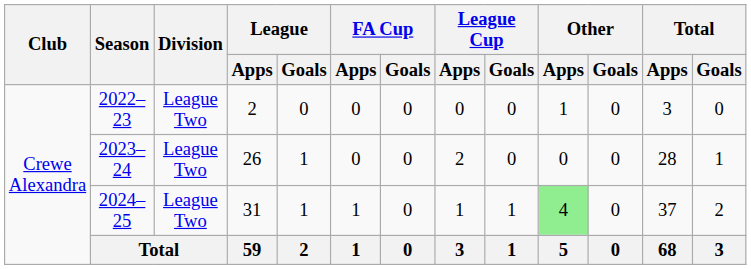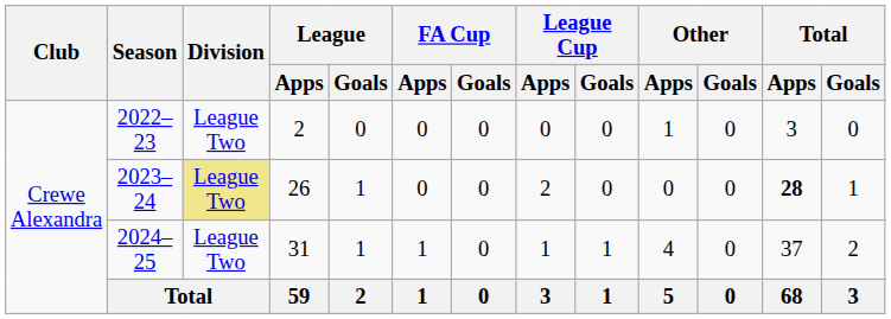 <table class="wikitable" style="text-align:center;">
 <tr>
 <th rowspan="2">Club</th>
 <th rowspan="2">Season</th>
 <th rowspan="2">Division</th>
 <th colspan="2">League</th>
 <th colspan="2"><a href='#'>FA Cup</a></th>
 <th colspan="2"><a href='#'>League Cup</a></th>
 <th colspan="2">Other</th>
 <th colspan="2">Total</th>
 </tr>
 <tr>
 <th>Apps</th>
 <th>Goals</th>
 <th>Apps</th>
 <th>Goals</th>
 <th>Apps</th>
 <th>Goals</th>
 <th>Apps</th>
 <th>Goals</th>
 <th>Apps</th>
 <th>Goals</th>
 </tr>
 <tr>
 <td rowspan="4"><a href='#'>Crewe Alexandra</a></td>
 <td><a href='#'>2022–23</a></td>
 <td><a href='#'>League Two</a></td>
 <td>2</td>
 <td>0</td>
 <td>0</td>
 <td>0</td>
 <td>0</td>
 <td>0</td>
 <td>1</td>
 <td>0</td>
 <td>3</td>
 <td>0</td>
 </tr>
 <tr>
 <td><a href='#'>2023–24</a></td>
-<td><a href='#'>League Two</a></td>
+<td style="background: khaki;"><a href='#'>League Two</a></td>
 <td>26</td>
 <td>1</td>
 <td>0</td>
 <td>0</td>
 <td>2</td>
 <td>0</td>
 <td>0</td>
 <td>0</td>
-<td>28</td>
+<td><strong>28</strong></td>
 <td>1</td>
 </tr>
 <tr>
 <td><a href='#'>2024–25</a></td>
 <td><a href='#'>League Two</a></td>
 <td>31</td>
 <td>1</td>
 <td>1</td>
 <td>0</td>
 <td>1</td>
 <td>1</td>
-<td style="background: lightgreen;">4</td>
+<td>4</td>
 <td>0</td>
 <td>37</td>
 <td>2</td>
 </tr>
 <tr>
 <th colspan="2">Total</th>
 <th>59</th>
 <th>2</th>
 <th>1</th>
 <th>0</th>
 <th>3</th>
 <th>1</th>
 <th>5</th>
 <th>0</th>
 <th>68</th>
 <th>3</th>
 </tr>
 </table>
